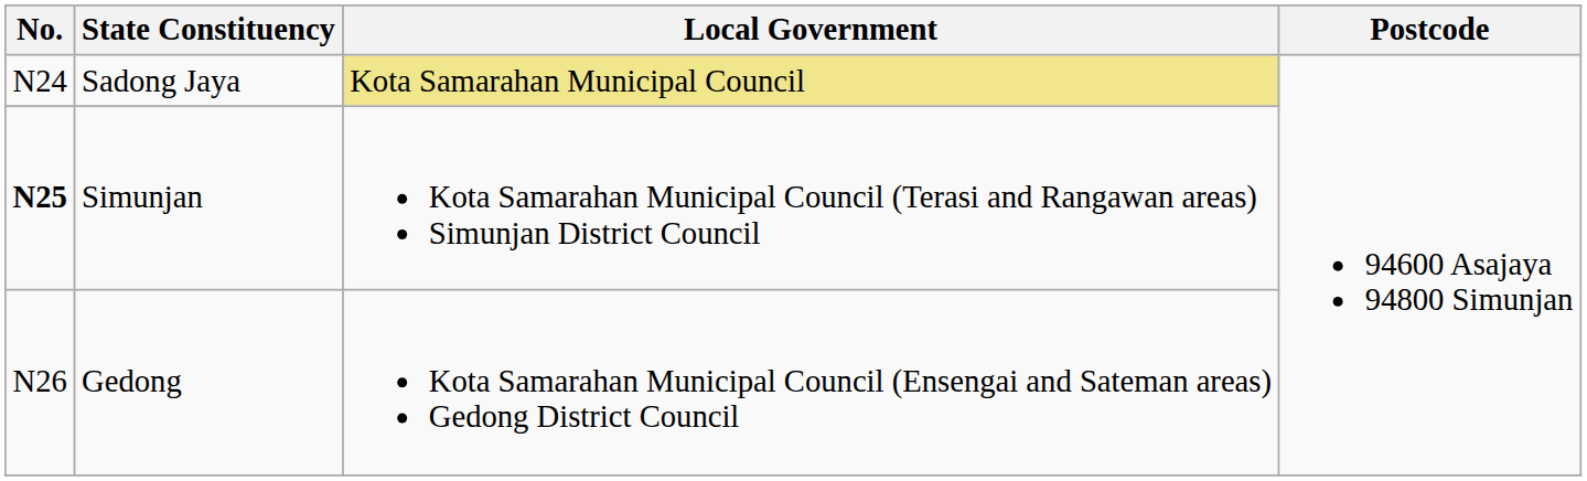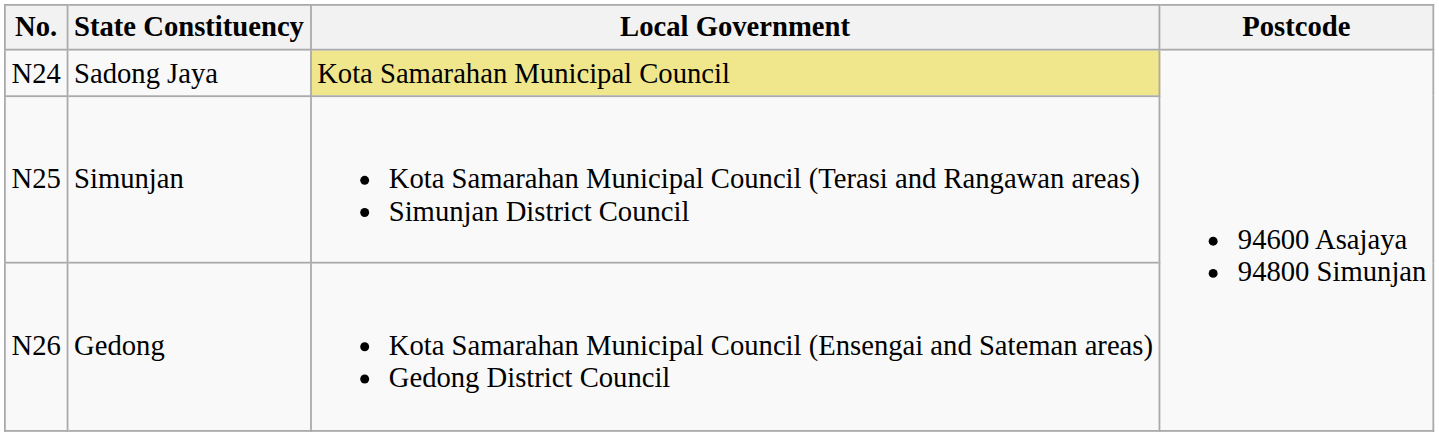 <table class="wikitable">
 <tr>
 <th>No.</th>
 <th>State Constituency</th>
 <th>Local Government</th>
 <th>Postcode</th>
 </tr>
 <tr>
 <td>N24</td>
 <td>Sadong Jaya</td>
 <td style="background: khaki;">Kota Samarahan Municipal Council</td>
 <td rowspan="3"><br><ul><li>94600 Asajaya</li><li>94800 Simunjan</li></ul></td>
 </tr>
 <tr>
-<td><strong>N25</strong></td>
+<td>N25</td>
 <td>Simunjan</td>
 <td><br><ul><li>Kota Samarahan Municipal Council (Terasi and Rangawan areas)</li><li>Simunjan District Council</li></ul></td>
 </tr>
 <tr>
 <td>N26</td>
 <td>Gedong</td>
 <td><br><ul><li>Kota Samarahan Municipal Council (Ensengai and Sateman areas)</li><li>Gedong District Council</li></ul></td>
 </tr>
 </table>
